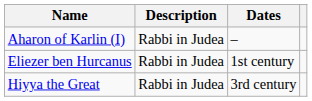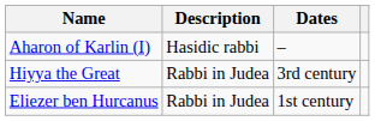 <table class="wikitable sortable">
 <tr>
 <th>Name</th>
 <th>Description</th>
 <th>Dates</th>
 <th class="unsortable"></th>
 </tr>
 <tr>
 <td><a href='#'>Aharon of Karlin (I)</a></td>
+<td>Hasidic rabbi</td>
+<td> – </td>
+<td></td>
+</tr>
+<tr>
+<td><a href='#'>Hiyya the Great</a></td>
 <td>Rabbi in Judea</td>
-<td> – </td>
+<td>3rd century</td>
 <td></td>
 </tr>
 <tr>
 <td><a href='#'>Eliezer ben Hurcanus</a></td>
 <td>Rabbi in Judea</td>
 <td>1st century</td>
 <td></td>
 </tr>
-<tr>
-<td><a href='#'>Hiyya the Great</a></td>
-<td>Rabbi in Judea</td>
-<td>3rd century</td>
-<td></td>
-</tr>
 </table>
